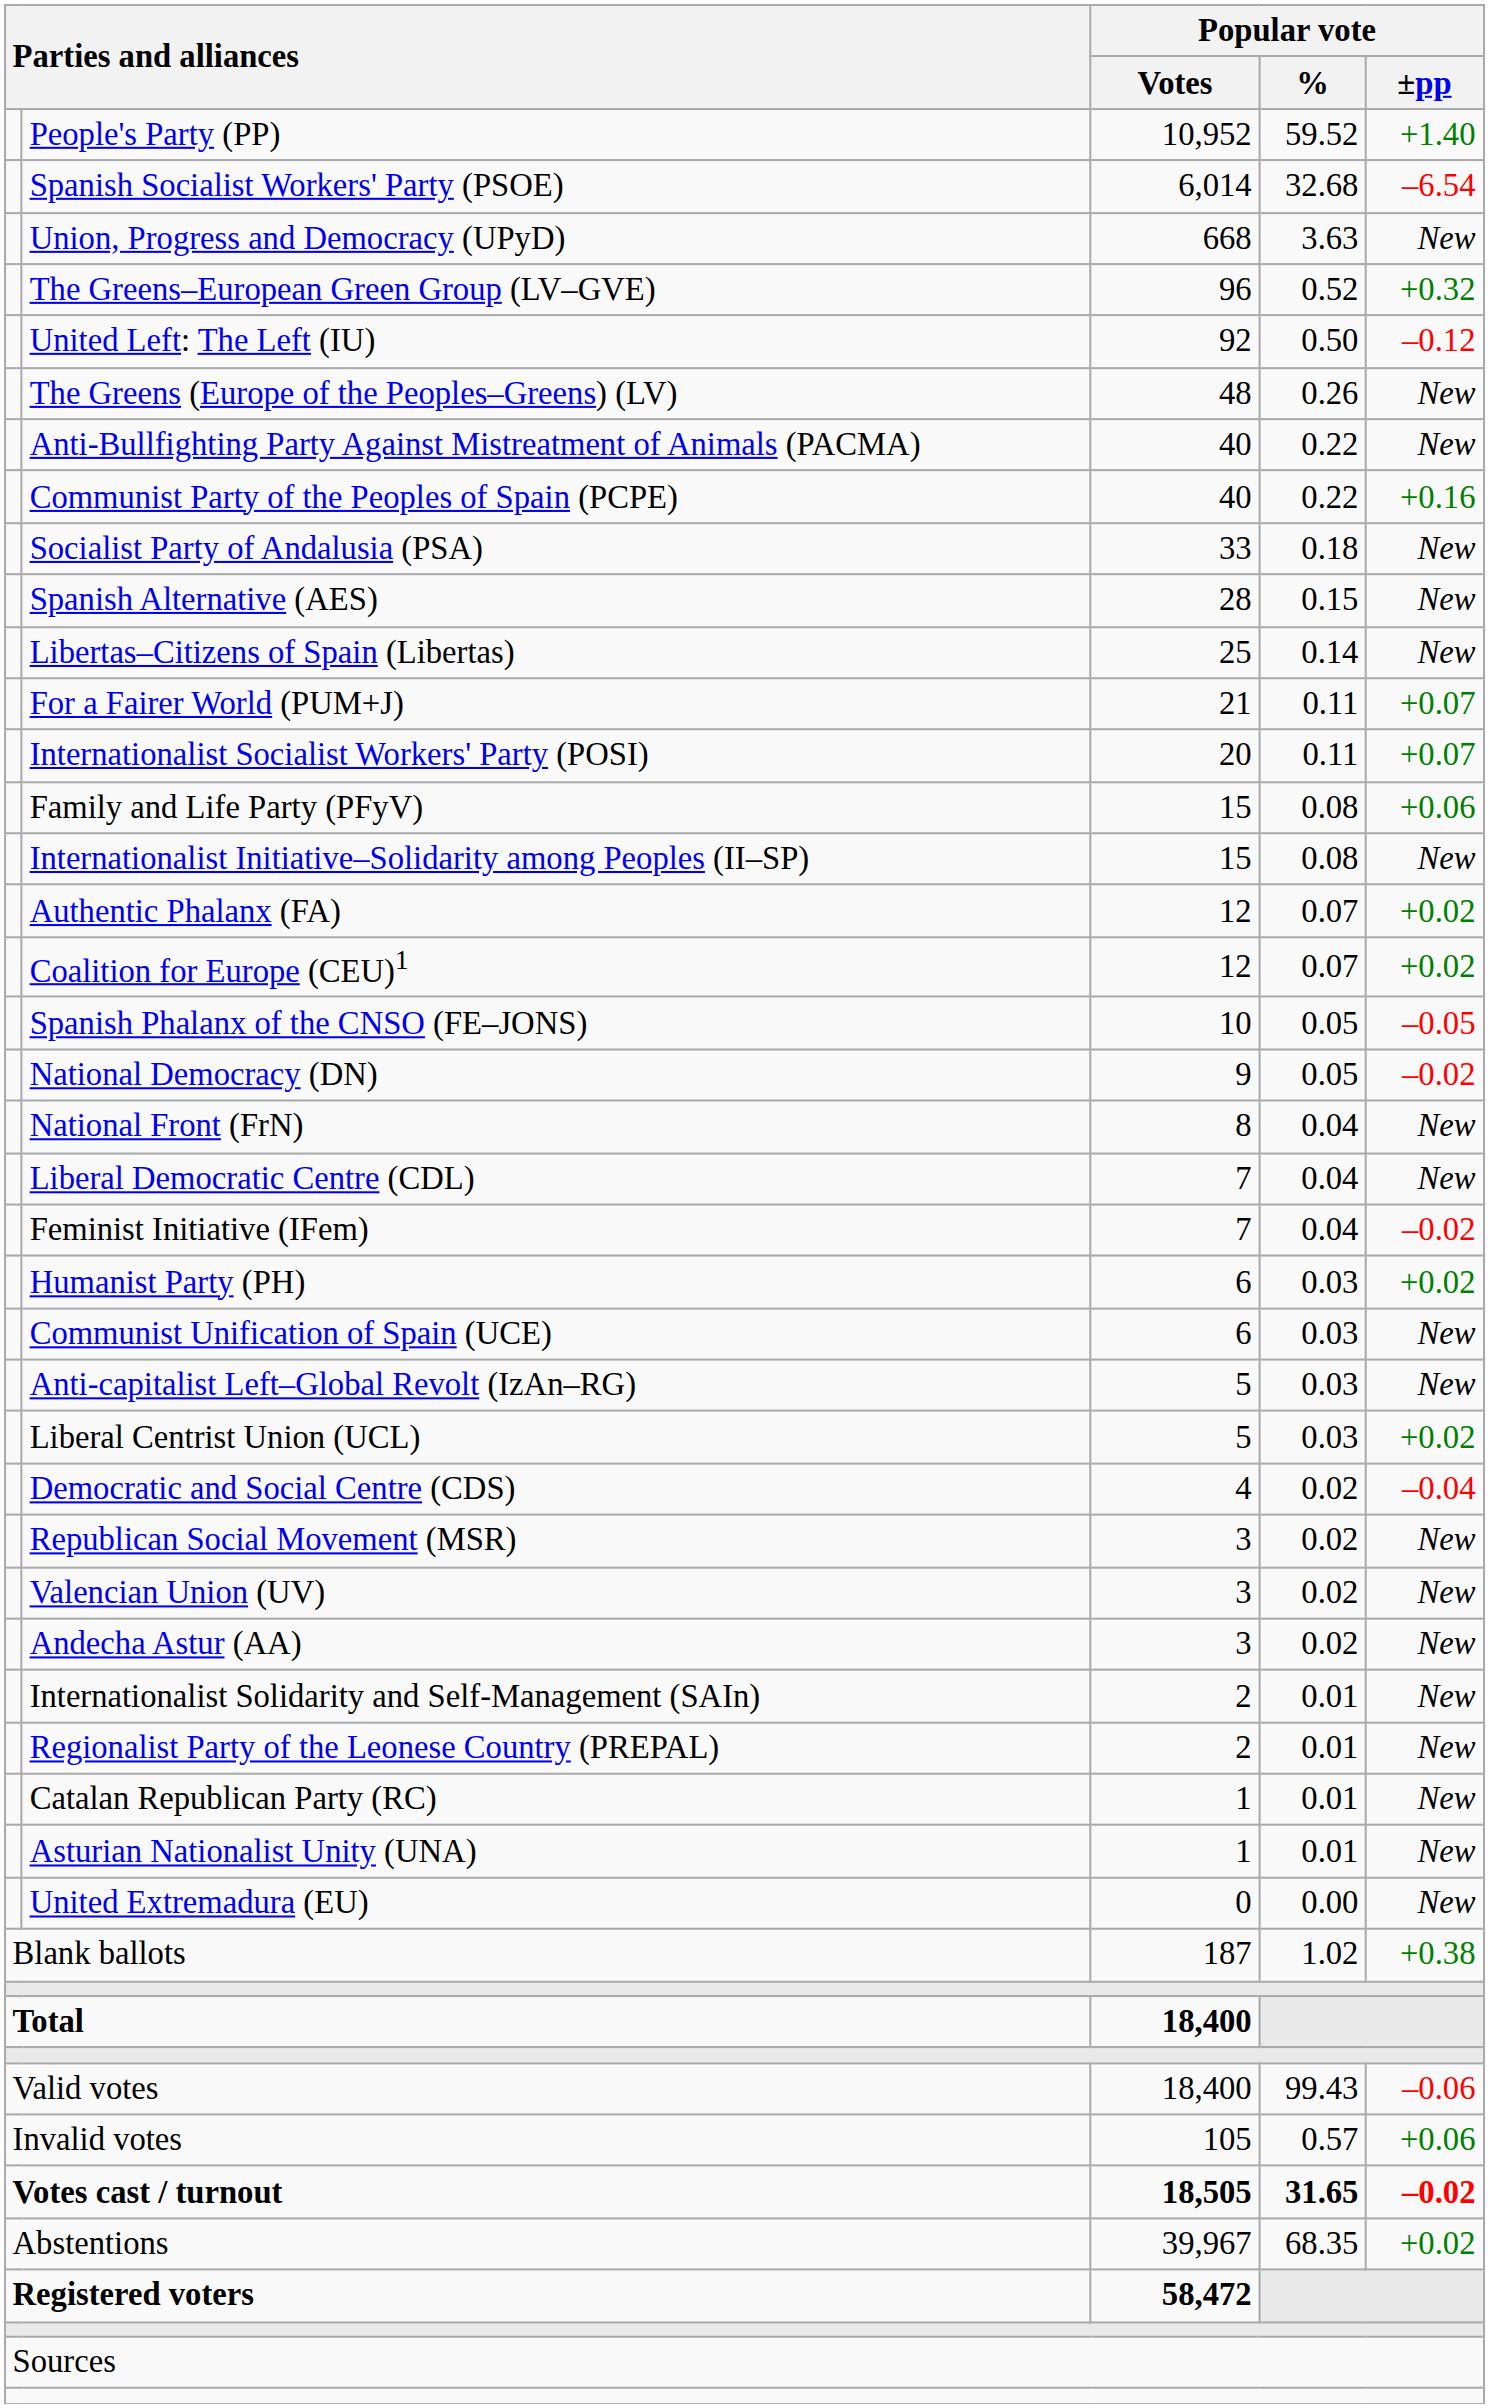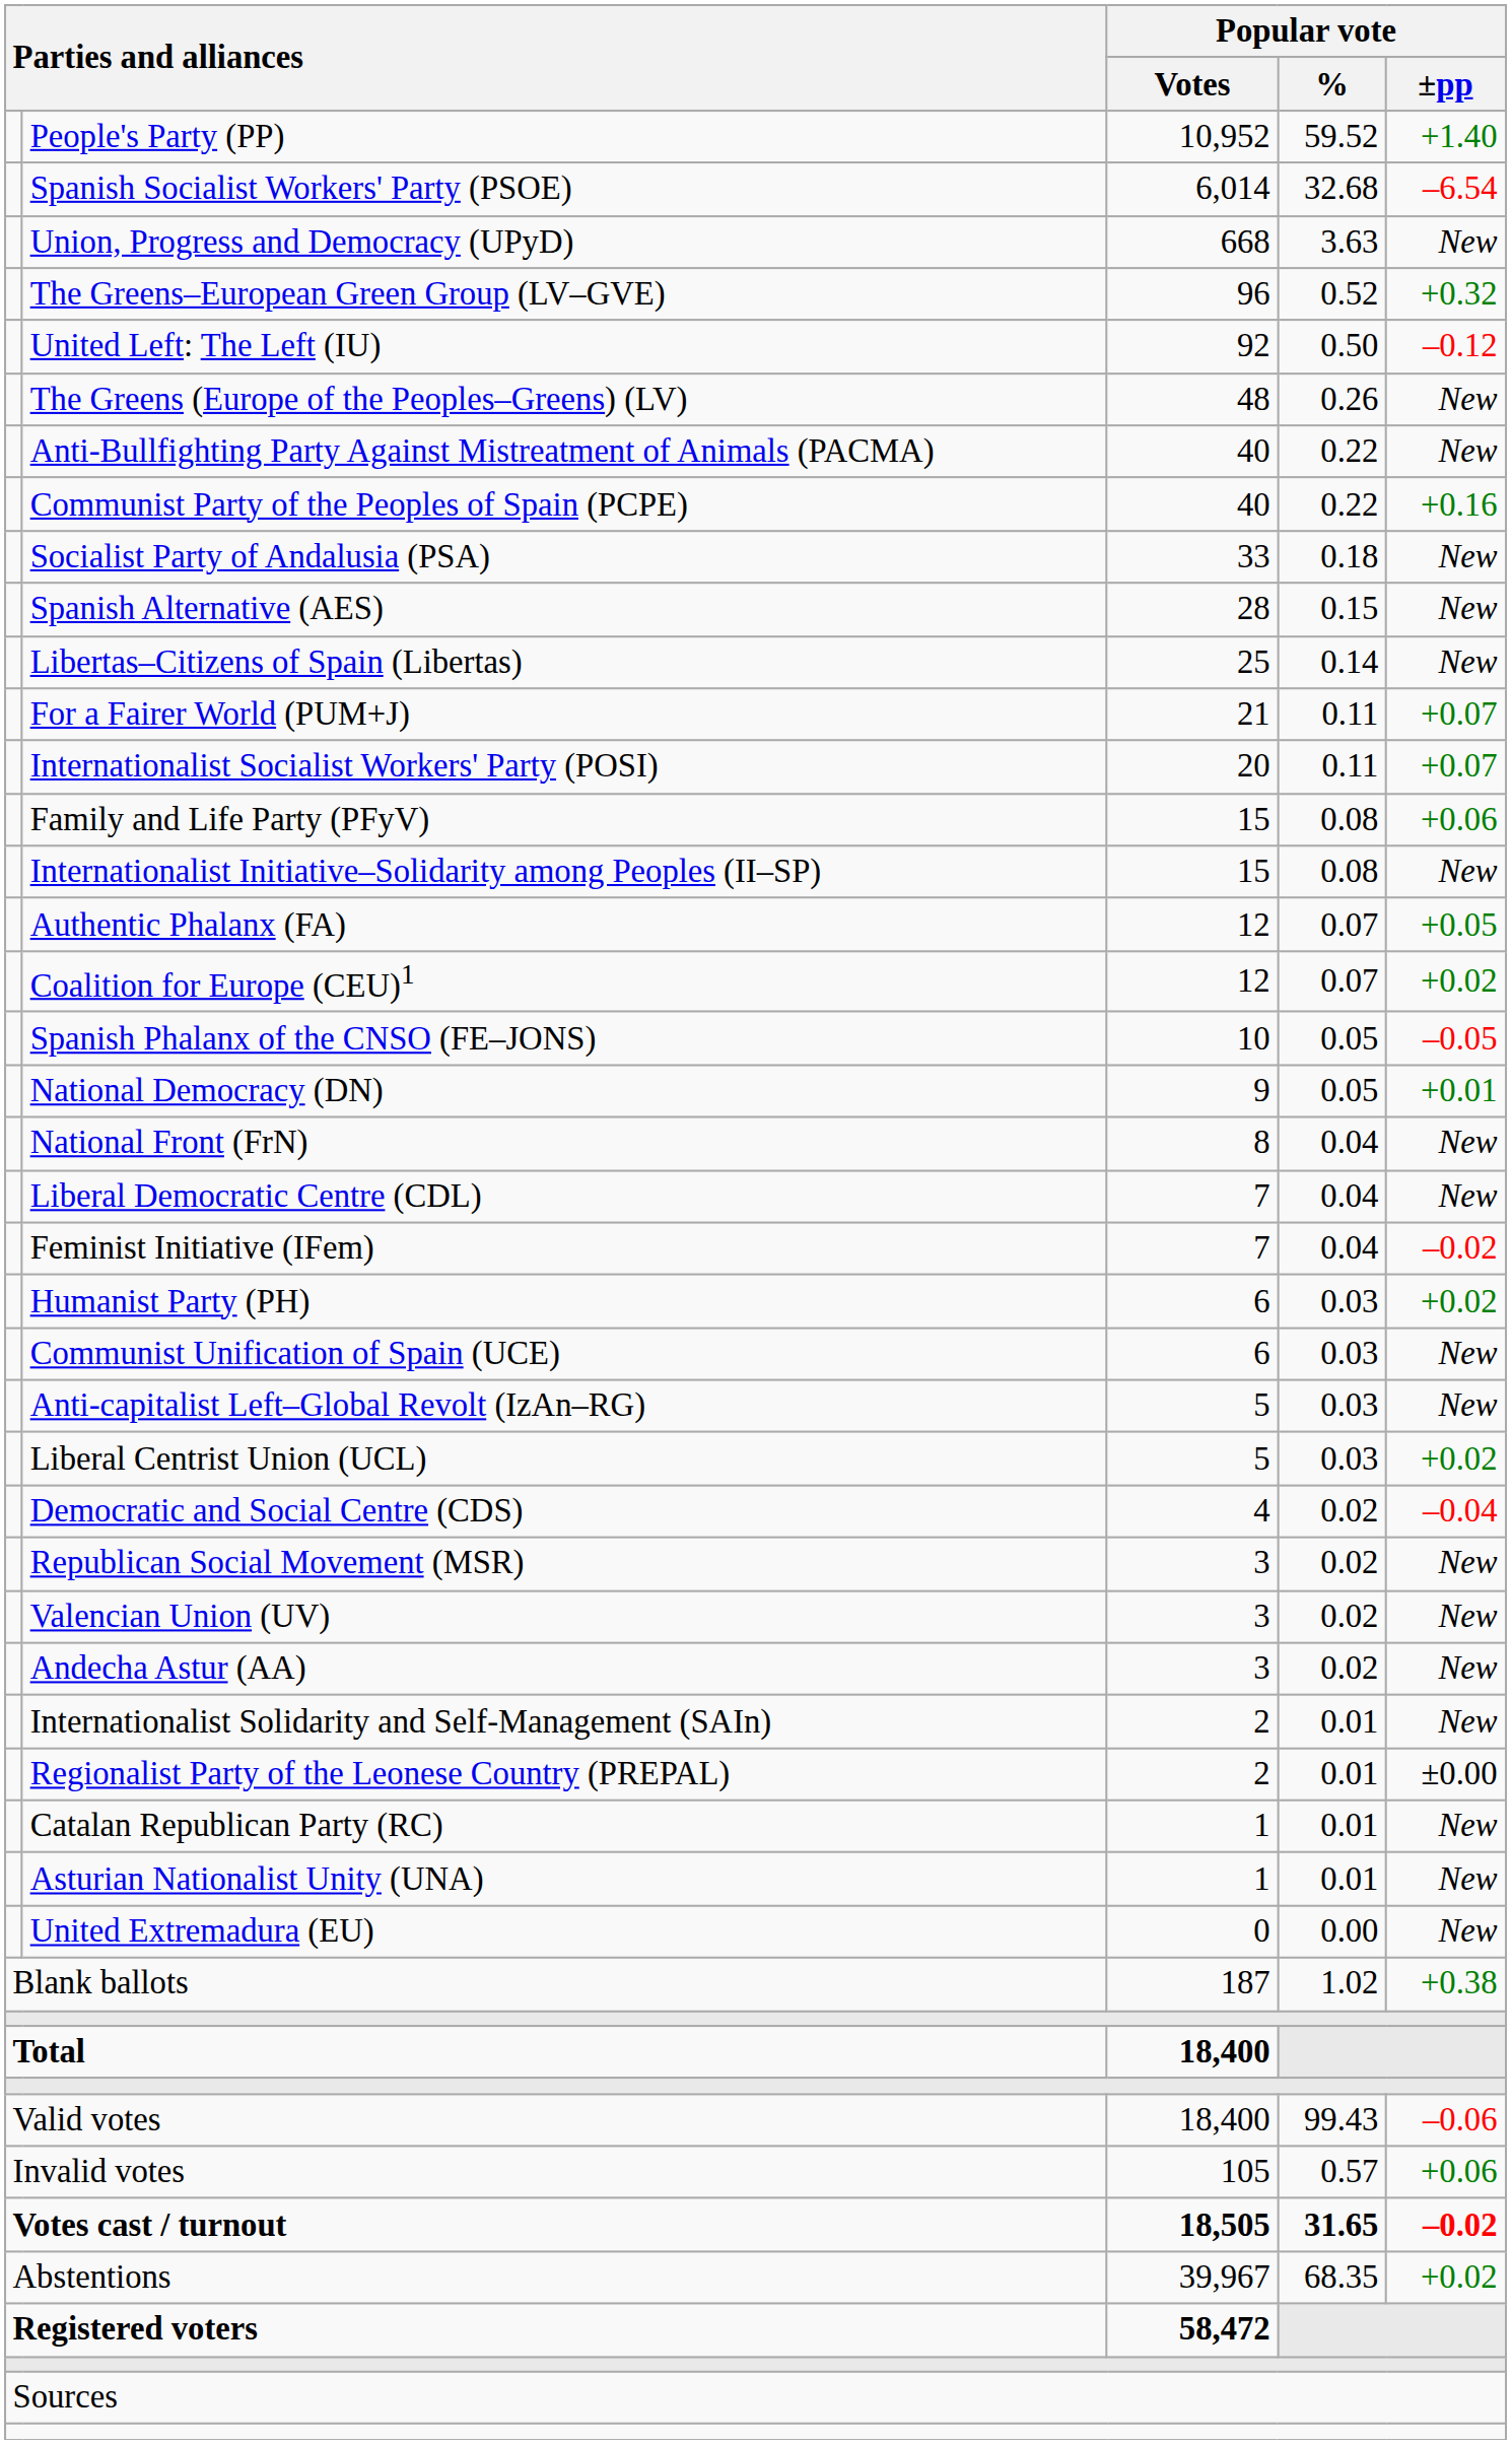 <table class="wikitable" style="text-align:right">
 <tr>
 <th style="text-align:left;" rowspan="2" colspan="2" width="525">Parties and alliances</th>
 <th colspan="3">Popular vote</th>
 </tr>
 <tr>
 <th width="75">Votes</th>
 <th width="45">%</th>
 <th width="45">±<a href='#'>pp</a></th>
 </tr>
 <tr>
 <td width="1" style="color:inherit;background:"></td>
 <td align="left"><a href='#'>People's Party</a> (PP)</td>
 <td>10,952</td>
 <td>59.52</td>
 <td style="color:green;">+1.40</td>
 </tr>
 <tr>
 <td style="color:inherit;background:"></td>
 <td align="left"><a href='#'>Spanish Socialist Workers' Party</a> (PSOE)</td>
 <td>6,014</td>
 <td>32.68</td>
 <td style="color:red;">–6.54</td>
 </tr>
 <tr>
 <td style="color:inherit;background:"></td>
 <td align="left"><a href='#'>Union, Progress and Democracy</a> (UPyD)</td>
 <td>668</td>
 <td>3.63</td>
 <td><em>New</em></td>
 </tr>
 <tr>
 <td style="color:inherit;background:"></td>
 <td align="left"><a href='#'>The Greens–European Green Group</a> (LV–GVE)</td>
 <td>96</td>
 <td>0.52</td>
 <td style="color:green;">+0.32</td>
 </tr>
 <tr>
 <td style="color:inherit;background:"></td>
 <td align="left"><a href='#'>United Left</a>: <a href='#'>The Left</a> (IU)</td>
 <td>92</td>
 <td>0.50</td>
 <td style="color:red;">–0.12</td>
 </tr>
 <tr>
 <td style="color:inherit;background:"></td>
 <td align="left"><a href='#'>The Greens</a> (<a href='#'>Europe of the Peoples–Greens</a>) (LV)</td>
 <td>48</td>
 <td>0.26</td>
 <td><em>New</em></td>
 </tr>
 <tr>
 <td style="color:inherit;background:"></td>
 <td align="left"><a href='#'>Anti-Bullfighting Party Against Mistreatment of Animals</a> (PACMA)</td>
 <td>40</td>
 <td>0.22</td>
 <td><em>New</em></td>
 </tr>
 <tr>
 <td style="color:inherit;background:"></td>
 <td align="left"><a href='#'>Communist Party of the Peoples of Spain</a> (PCPE)</td>
 <td>40</td>
 <td>0.22</td>
 <td style="color:green;">+0.16</td>
 </tr>
 <tr>
 <td style="color:inherit;background:"></td>
 <td align="left"><a href='#'>Socialist Party of Andalusia</a> (PSA)</td>
 <td>33</td>
 <td>0.18</td>
 <td><em>New</em></td>
 </tr>
 <tr>
 <td style="color:inherit;background:"></td>
 <td align="left"><a href='#'>Spanish Alternative</a> (AES)</td>
 <td>28</td>
 <td>0.15</td>
 <td><em>New</em></td>
 </tr>
 <tr>
 <td style="color:inherit;background:"></td>
 <td align="left"><a href='#'>Libertas–Citizens of Spain</a> (Libertas)</td>
 <td>25</td>
 <td>0.14</td>
 <td><em>New</em></td>
 </tr>
 <tr>
 <td style="color:inherit;background:"></td>
 <td align="left"><a href='#'>For a Fairer World</a> (PUM+J)</td>
 <td>21</td>
 <td>0.11</td>
 <td style="color:green;">+0.07</td>
 </tr>
 <tr>
 <td style="color:inherit;background:"></td>
 <td align="left"><a href='#'>Internationalist Socialist Workers' Party</a> (POSI)</td>
 <td>20</td>
 <td>0.11</td>
 <td style="color:green;">+0.07</td>
 </tr>
 <tr>
 <td style="color:inherit;background:"></td>
 <td align="left">Family and Life Party (PFyV)</td>
 <td>15</td>
 <td>0.08</td>
 <td style="color:green;">+0.06</td>
 </tr>
 <tr>
 <td style="color:inherit;background:"></td>
 <td align="left"><a href='#'>Internationalist Initiative–Solidarity among Peoples</a> (II–SP)</td>
 <td>15</td>
 <td>0.08</td>
 <td><em>New</em></td>
 </tr>
 <tr>
 <td style="color:inherit;background:"></td>
 <td align="left"><a href='#'>Authentic Phalanx</a> (FA)</td>
 <td>12</td>
 <td>0.07</td>
-<td style="color:green;">+0.02</td>
+<td style="color:green;">+0.05</td>
 </tr>
 <tr>
 <td style="color:inherit;background:"></td>
 <td align="left"><a href='#'>Coalition for Europe</a> (CEU)<sup>1</sup></td>
 <td>12</td>
 <td>0.07</td>
 <td style="color:green;">+0.02</td>
 </tr>
 <tr>
 <td style="color:inherit;background:"></td>
 <td align="left"><a href='#'>Spanish Phalanx of the CNSO</a> (FE–JONS)</td>
 <td>10</td>
 <td>0.05</td>
 <td style="color:red;">–0.05</td>
 </tr>
 <tr>
 <td style="color:inherit;background:"></td>
 <td align="left"><a href='#'>National Democracy</a> (DN)</td>
 <td>9</td>
 <td>0.05</td>
-<td style="color:red;">–0.02</td>
+<td style="color:green;">+0.01</td>
 </tr>
 <tr>
 <td style="color:inherit;background:"></td>
 <td align="left"><a href='#'>National Front</a> (FrN)</td>
 <td>8</td>
 <td>0.04</td>
 <td><em>New</em></td>
 </tr>
 <tr>
 <td style="color:inherit;background:"></td>
 <td align="left"><a href='#'>Liberal Democratic Centre</a> (CDL)</td>
 <td>7</td>
 <td>0.04</td>
 <td><em>New</em></td>
 </tr>
 <tr>
 <td style="color:inherit;background:"></td>
 <td align="left">Feminist Initiative (IFem)</td>
 <td>7</td>
 <td>0.04</td>
 <td style="color:red;">–0.02</td>
 </tr>
 <tr>
 <td style="color:inherit;background:"></td>
 <td align="left"><a href='#'>Humanist Party</a> (PH)</td>
 <td>6</td>
 <td>0.03</td>
 <td style="color:green;">+0.02</td>
 </tr>
 <tr>
 <td style="color:inherit;background:"></td>
 <td align="left"><a href='#'>Communist Unification of Spain</a> (UCE)</td>
 <td>6</td>
 <td>0.03</td>
 <td><em>New</em></td>
 </tr>
 <tr>
 <td style="color:inherit;background:"></td>
 <td align="left"><a href='#'>Anti-capitalist Left–Global Revolt</a> (IzAn–RG)</td>
 <td>5</td>
 <td>0.03</td>
 <td><em>New</em></td>
 </tr>
 <tr>
 <td style="color:inherit;background:"></td>
 <td align="left">Liberal Centrist Union (UCL)</td>
 <td>5</td>
 <td>0.03</td>
 <td style="color:green;">+0.02</td>
 </tr>
 <tr>
 <td style="color:inherit;background:"></td>
 <td align="left"><a href='#'>Democratic and Social Centre</a> (CDS)</td>
 <td>4</td>
 <td>0.02</td>
 <td style="color:red;">–0.04</td>
 </tr>
 <tr>
 <td style="color:inherit;background:"></td>
 <td align="left"><a href='#'>Republican Social Movement</a> (MSR)</td>
 <td>3</td>
 <td>0.02</td>
 <td><em>New</em></td>
 </tr>
 <tr>
 <td style="color:inherit;background:"></td>
 <td align="left"><a href='#'>Valencian Union</a> (UV)</td>
 <td>3</td>
 <td>0.02</td>
 <td><em>New</em></td>
 </tr>
 <tr>
 <td style="color:inherit;background:"></td>
 <td align="left"><a href='#'>Andecha Astur</a> (AA)</td>
 <td>3</td>
 <td>0.02</td>
 <td><em>New</em></td>
 </tr>
 <tr>
 <td style="color:inherit;background:"></td>
 <td align="left">Internationalist Solidarity and Self-Management (SAIn)</td>
 <td>2</td>
 <td>0.01</td>
 <td><em>New</em></td>
 </tr>
 <tr>
 <td style="color:inherit;background:"></td>
 <td align="left"><a href='#'>Regionalist Party of the Leonese Country</a> (PREPAL)</td>
 <td>2</td>
 <td>0.01</td>
-<td><em>New</em></td>
+<td>±0.00</td>
 </tr>
 <tr>
 <td style="color:inherit;background:"></td>
 <td align="left">Catalan Republican Party (RC)</td>
 <td>1</td>
 <td>0.01</td>
 <td><em>New</em></td>
 </tr>
 <tr>
 <td style="color:inherit;background:"></td>
 <td align="left"><a href='#'>Asturian Nationalist Unity</a> (UNA)</td>
 <td>1</td>
 <td>0.01</td>
 <td><em>New</em></td>
 </tr>
 <tr>
 <td style="color:inherit;background:"></td>
 <td align="left"><a href='#'>United Extremadura</a> (EU)</td>
 <td>0</td>
 <td>0.00</td>
 <td><em>New</em></td>
 </tr>
 <tr>
 <td align="left" colspan="2">Blank ballots</td>
 <td width="75">187</td>
 <td width="45">1.02</td>
 <td width="50" style="color:green;">+0.38</td>
 </tr>
 <tr>
 <td colspan="5" bgcolor="#E9E9E9"></td>
 </tr>
 <tr style="font-weight:bold;">
 <td align="left" colspan="2">Total</td>
 <td>18,400</td>
 <td bgcolor="#E9E9E9" colspan="2"></td>
 </tr>
 <tr>
 <td colspan="5" bgcolor="#E9E9E9"></td>
 </tr>
 <tr>
 <td align="left" colspan="2">Valid votes</td>
 <td>18,400</td>
 <td>99.43</td>
 <td style="color:red;">–0.06</td>
 </tr>
 <tr>
 <td align="left" colspan="2">Invalid votes</td>
 <td>105</td>
 <td>0.57</td>
 <td style="color:green;">+0.06</td>
 </tr>
 <tr style="font-weight:bold;">
 <td align="left" colspan="2">Votes cast / turnout</td>
 <td>18,505</td>
 <td>31.65</td>
 <td style="color:red;">–0.02</td>
 </tr>
 <tr>
 <td align="left" colspan="2">Abstentions</td>
 <td>39,967</td>
 <td>68.35</td>
 <td style="color:green;">+0.02</td>
 </tr>
 <tr style="font-weight:bold;">
 <td align="left" colspan="2">Registered voters</td>
 <td>58,472</td>
 <td bgcolor="#E9E9E9" colspan="2"></td>
 </tr>
 <tr>
 <td colspan="5" bgcolor="#E9E9E9"></td>
 </tr>
 <tr>
 <td align="left" colspan="5">Sources</td>
 </tr>
 <tr>
 <td colspan="5" style="text-align:left; max-width:680px;"></td>
 </tr>
 </table>
